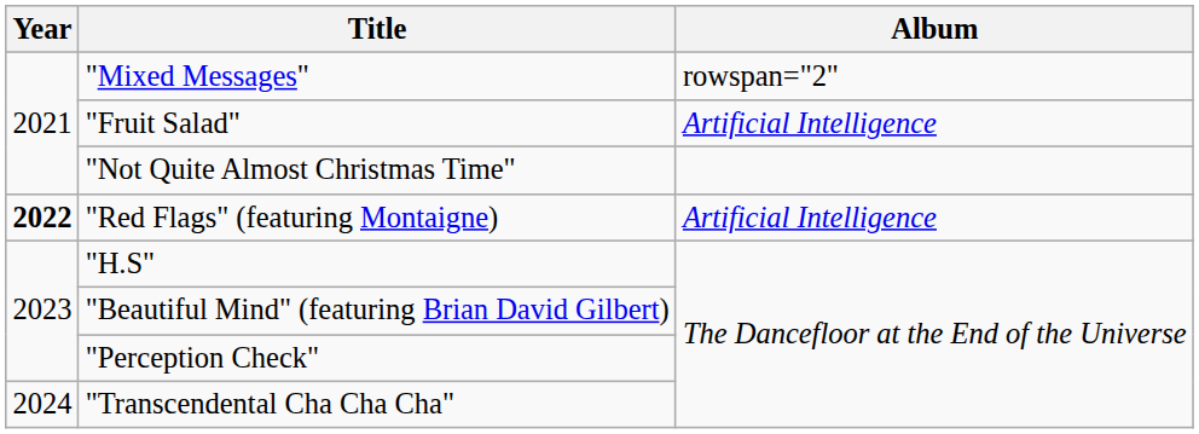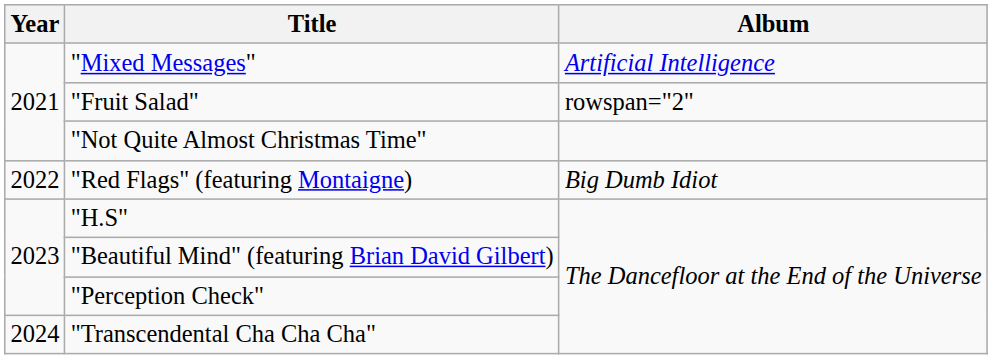 <table class="wikitable">
 <tr>
 <th scope="col">Year</th>
 <th scope="col">Title</th>
 <th scope="col">Album</th>
 </tr>
 <tr>
 <td rowspan="3">2021</td>
 <td>"<a href='#'>Mixed Messages</a>"</td>
-<td>rowspan="2" </td>
+<td><em><a href='#'>Artificial Intelligence</a></em></td>
 </tr>
 <tr>
 <td>"Fruit Salad"</td>
-<td><em><a href='#'>Artificial Intelligence</a></em></td>
+<td>rowspan="2" </td>
 </tr>
 <tr>
 <td>"Not Quite Almost Christmas Time"</td>
 </tr>
 <tr>
-<td><strong>2022</strong></td>
+<td>2022</td>
 <td>"Red Flags" (featuring <a href='#'>Montaigne</a>)</td>
-<td><em><a href='#'>Artificial Intelligence</a></em></td>
+<td><em>Big Dumb Idiot</em></td>
 </tr>
 <tr>
 <td rowspan="3">2023</td>
 <td>"H.S"</td>
 <td rowspan="4"><em>The Dancefloor at the End of the Universe</em></td>
 </tr>
 <tr>
 <td>"Beautiful Mind" (featuring <a href='#'>Brian David Gilbert</a>)</td>
 </tr>
 <tr>
 <td>"Perception Check"</td>
 </tr>
 <tr>
 <td rowspan="1">2024</td>
 <td>"Transcendental Cha Cha Cha"</td>
 </tr>
 </table>
